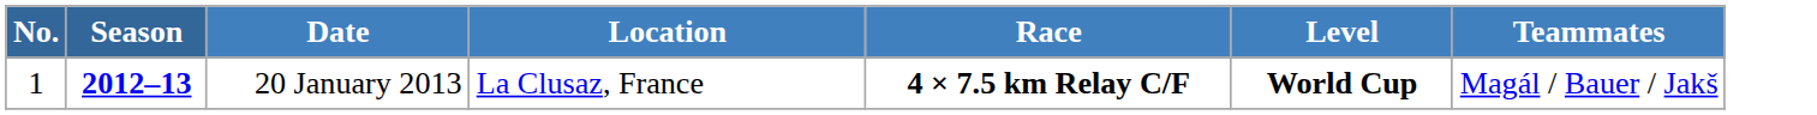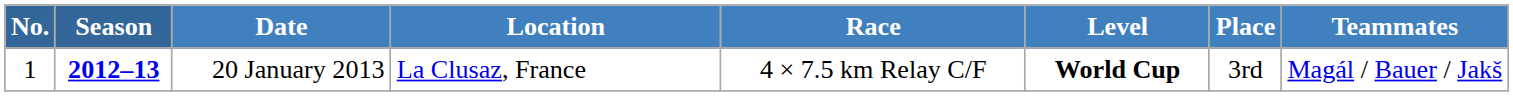 <table class="wikitable sortable" style="font-size:95%; text-align:center; border:grey solid 1px; border-collapse:collapse; background:#ffffff;">
 <tr style="background:#efefef;">
 <th style="background-color:#369; color:white;">No.</th>
 <th style="background-color:#369; color:white;">Season</th>
 <th style="background-color:#4180be; color:white; width:120px;">Date</th>
 <th style="background-color:#4180be; color:white; width:185px;">Location</th>
 <th style="background-color:#4180be; color:white; width:170px;">Race</th>
 <th style="background-color:#4180be; color:white; width:100px;">Level</th>
+<th style="background-color:#4180be; color:white;">Place</th>
 <th style="background-color:#4180be; color:white;">Teammates</th>
 </tr>
 <tr>
 <td align=center>1</td>
 <td rowspan=1 align=center><strong> <a href='#'>2012–13</a> </strong></td>
 <td align=right>20 January 2013</td>
 <td align=left> <a href='#'>La Clusaz</a>, France</td>
-<td><strong>4 × 7.5 km Relay C/F</strong></td>
+<td>4 × 7.5 km Relay C/F</td>
 <td><strong>World Cup</strong></td>
+<td>3rd</td>
 <td><a href='#'>Magál</a> / <a href='#'>Bauer</a> / <a href='#'>Jakš</a></td>
 </tr>
 </table>
